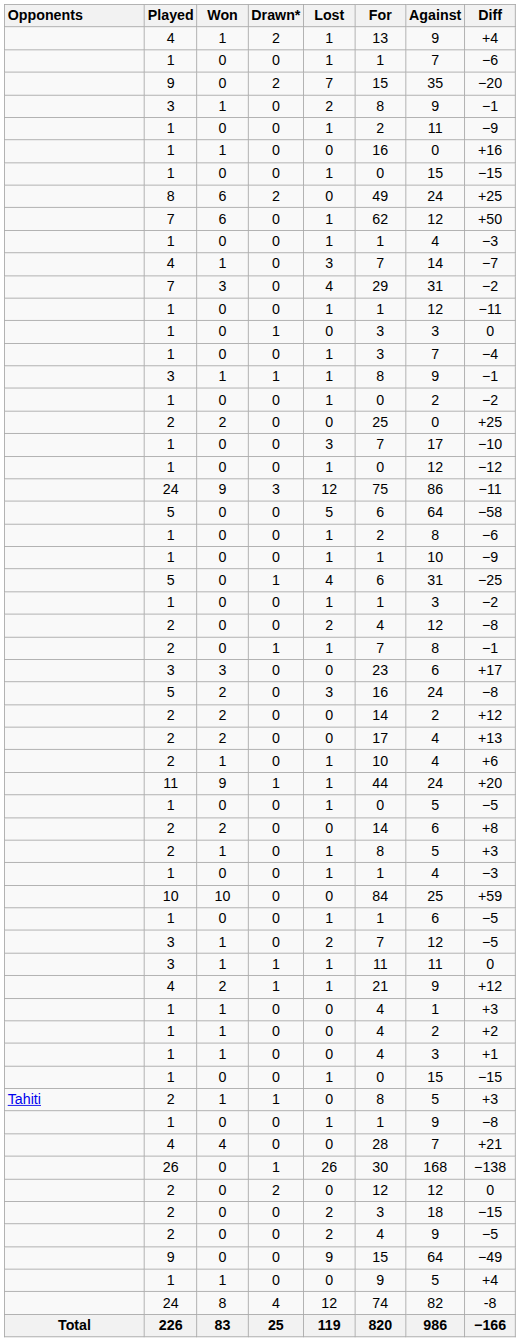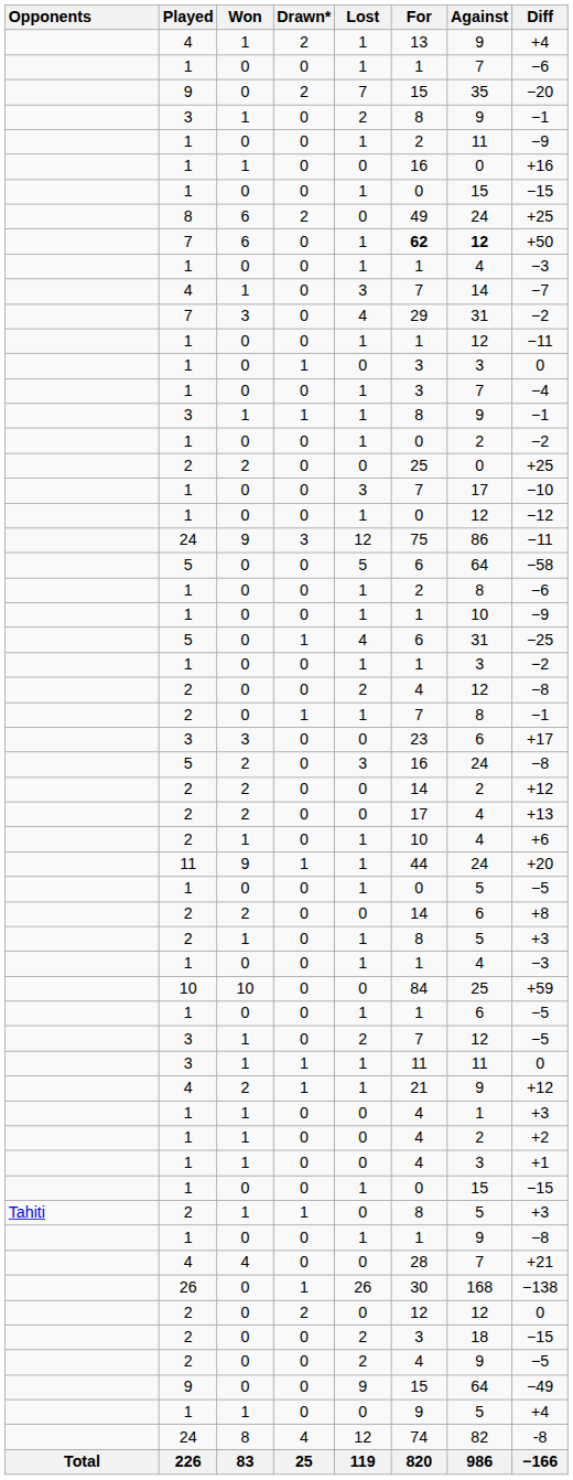 <table class="wikitable" style="text-align:center;">
 <tr>
 <th style="width:150px; text-align:left;">Opponents</th>
 <th style="width:50px;">Played</th>
 <th style="width:50px;">Won</th>
 <th style="width:50px;">Drawn*</th>
 <th style="width:50px;">Lost</th>
 <th style="width:50px;">For</th>
 <th style="width:50px;">Against</th>
 <th style="width:50px;">Diff</th>
 </tr>
 <tr>
 <td style="text-align:left;"></td>
 <td>4</td>
 <td>1</td>
 <td>2</td>
 <td>1</td>
 <td>13</td>
 <td>9</td>
 <td>+4</td>
 </tr>
 <tr>
 <td style="text-align:left;"></td>
 <td>1</td>
 <td>0</td>
 <td>0</td>
 <td>1</td>
 <td>1</td>
 <td>7</td>
 <td>−6</td>
 </tr>
 <tr>
 <td style="text-align:left;"></td>
 <td>9</td>
 <td>0</td>
 <td>2</td>
 <td>7</td>
 <td>15</td>
 <td>35</td>
 <td>−20</td>
 </tr>
 <tr>
 <td style="text-align:left;"></td>
 <td>3</td>
 <td>1</td>
 <td>0</td>
 <td>2</td>
 <td>8</td>
 <td>9</td>
 <td>−1</td>
 </tr>
 <tr>
 <td style="text-align:left;"></td>
 <td>1</td>
 <td>0</td>
 <td>0</td>
 <td>1</td>
 <td>2</td>
 <td>11</td>
 <td>−9</td>
 </tr>
 <tr>
 <td style="text-align:left;"></td>
 <td>1</td>
 <td>1</td>
 <td>0</td>
 <td>0</td>
 <td>16</td>
 <td>0</td>
 <td>+16</td>
 </tr>
 <tr>
 <td style="text-align:left;"></td>
 <td>1</td>
 <td>0</td>
 <td>0</td>
 <td>1</td>
 <td>0</td>
 <td>15</td>
 <td>−15</td>
 </tr>
 <tr>
 <td style="text-align:left;"></td>
 <td>8</td>
 <td>6</td>
 <td>2</td>
 <td>0</td>
 <td>49</td>
 <td>24</td>
 <td>+25</td>
 </tr>
 <tr>
 <td style="text-align:left;"></td>
 <td>7</td>
 <td>6</td>
 <td>0</td>
 <td>1</td>
-<td>62</td>
-<td>12</td>
+<td><strong>62</strong></td>
+<td><strong>12</strong></td>
 <td>+50</td>
 </tr>
 <tr>
 <td style="text-align:left;"></td>
 <td>1</td>
 <td>0</td>
 <td>0</td>
 <td>1</td>
 <td>1</td>
 <td>4</td>
 <td>−3</td>
 </tr>
 <tr>
 <td style="text-align:left;"></td>
 <td>4</td>
 <td>1</td>
 <td>0</td>
 <td>3</td>
 <td>7</td>
 <td>14</td>
 <td>−7</td>
 </tr>
 <tr>
 <td style="text-align:left;"></td>
 <td>7</td>
 <td>3</td>
 <td>0</td>
 <td>4</td>
 <td>29</td>
 <td>31</td>
 <td>−2</td>
 </tr>
 <tr>
 <td style="text-align:left;"></td>
 <td>1</td>
 <td>0</td>
 <td>0</td>
 <td>1</td>
 <td>1</td>
 <td>12</td>
 <td>−11</td>
 </tr>
 <tr>
 <td style="text-align:left;"></td>
 <td>1</td>
 <td>0</td>
 <td>1</td>
 <td>0</td>
 <td>3</td>
 <td>3</td>
 <td>0</td>
 </tr>
 <tr>
 <td style="text-align:left;"></td>
 <td>1</td>
 <td>0</td>
 <td>0</td>
 <td>1</td>
 <td>3</td>
 <td>7</td>
 <td>−4</td>
 </tr>
 <tr>
 <td style="text-align:left;"></td>
 <td>3</td>
 <td>1</td>
 <td>1</td>
 <td>1</td>
 <td>8</td>
 <td>9</td>
 <td>−1</td>
 </tr>
 <tr>
 <td style="text-align:left;"></td>
 <td>1</td>
 <td>0</td>
 <td>0</td>
 <td>1</td>
 <td>0</td>
 <td>2</td>
 <td>−2</td>
 </tr>
 <tr>
 <td style="text-align:left;"></td>
 <td>2</td>
 <td>2</td>
 <td>0</td>
 <td>0</td>
 <td>25</td>
 <td>0</td>
 <td>+25</td>
 </tr>
 <tr>
 <td style="text-align:left;"></td>
 <td>1</td>
 <td>0</td>
 <td>0</td>
 <td>3</td>
 <td>7</td>
 <td>17</td>
 <td>−10</td>
 </tr>
 <tr>
 <td style="text-align:left;"></td>
 <td>1</td>
 <td>0</td>
 <td>0</td>
 <td>1</td>
 <td>0</td>
 <td>12</td>
 <td>−12</td>
 </tr>
 <tr>
 <td style="text-align:left;"></td>
 <td>24</td>
 <td>9</td>
 <td>3</td>
 <td>12</td>
 <td>75</td>
 <td>86</td>
 <td>−11</td>
 </tr>
 <tr>
 <td style="text-align:left;"></td>
 <td>5</td>
 <td>0</td>
 <td>0</td>
 <td>5</td>
 <td>6</td>
 <td>64</td>
 <td>−58</td>
 </tr>
 <tr>
 <td style="text-align:left;"></td>
 <td>1</td>
 <td>0</td>
 <td>0</td>
 <td>1</td>
 <td>2</td>
 <td>8</td>
 <td>−6</td>
 </tr>
 <tr>
 <td style="text-align:left;"></td>
 <td>1</td>
 <td>0</td>
 <td>0</td>
 <td>1</td>
 <td>1</td>
 <td>10</td>
 <td>−9</td>
 </tr>
 <tr>
 <td style="text-align:left;"></td>
 <td>5</td>
 <td>0</td>
 <td>1</td>
 <td>4</td>
 <td>6</td>
 <td>31</td>
 <td>−25</td>
 </tr>
 <tr>
 <td style="text-align:left;"></td>
 <td>1</td>
 <td>0</td>
 <td>0</td>
 <td>1</td>
 <td>1</td>
 <td>3</td>
 <td>−2</td>
 </tr>
 <tr>
 <td style="text-align:left;"></td>
 <td>2</td>
 <td>0</td>
 <td>0</td>
 <td>2</td>
 <td>4</td>
 <td>12</td>
 <td>−8</td>
 </tr>
 <tr>
 <td style="text-align:left;"></td>
 <td>2</td>
 <td>0</td>
 <td>1</td>
 <td>1</td>
 <td>7</td>
 <td>8</td>
 <td>−1</td>
 </tr>
 <tr>
 <td style="text-align:left;"></td>
 <td>3</td>
 <td>3</td>
 <td>0</td>
 <td>0</td>
 <td>23</td>
 <td>6</td>
 <td>+17</td>
 </tr>
 <tr>
 <td style="text-align:left;"></td>
 <td>5</td>
 <td>2</td>
 <td>0</td>
 <td>3</td>
 <td>16</td>
 <td>24</td>
 <td>−8</td>
 </tr>
 <tr>
 <td style="text-align:left;"></td>
 <td>2</td>
 <td>2</td>
 <td>0</td>
 <td>0</td>
 <td>14</td>
 <td>2</td>
 <td>+12</td>
 </tr>
 <tr>
 <td style="text-align:left;"></td>
 <td>2</td>
 <td>2</td>
 <td>0</td>
 <td>0</td>
 <td>17</td>
 <td>4</td>
 <td>+13</td>
 </tr>
 <tr>
 <td style="text-align:left;"></td>
 <td>2</td>
 <td>1</td>
 <td>0</td>
 <td>1</td>
 <td>10</td>
 <td>4</td>
 <td>+6</td>
 </tr>
 <tr>
 <td style="text-align:left;"></td>
 <td>11</td>
 <td>9</td>
 <td>1</td>
 <td>1</td>
 <td>44</td>
 <td>24</td>
 <td>+20</td>
 </tr>
 <tr>
 <td style="text-align:left;"></td>
 <td>1</td>
 <td>0</td>
 <td>0</td>
 <td>1</td>
 <td>0</td>
 <td>5</td>
 <td>−5</td>
 </tr>
 <tr>
 <td style="text-align:left;"></td>
 <td>2</td>
 <td>2</td>
 <td>0</td>
 <td>0</td>
 <td>14</td>
 <td>6</td>
 <td>+8</td>
 </tr>
 <tr>
 <td style="text-align:left;"></td>
 <td>2</td>
 <td>1</td>
 <td>0</td>
 <td>1</td>
 <td>8</td>
 <td>5</td>
 <td>+3</td>
 </tr>
 <tr>
 <td style="text-align:left;"></td>
 <td>1</td>
 <td>0</td>
 <td>0</td>
 <td>1</td>
 <td>1</td>
 <td>4</td>
 <td>−3</td>
 </tr>
 <tr>
 <td style="text-align:left;"></td>
 <td>10</td>
 <td>10</td>
 <td>0</td>
 <td>0</td>
 <td>84</td>
 <td>25</td>
 <td>+59</td>
 </tr>
 <tr>
 <td style="text-align:left;"></td>
 <td>1</td>
 <td>0</td>
 <td>0</td>
 <td>1</td>
 <td>1</td>
 <td>6</td>
 <td>−5</td>
 </tr>
 <tr>
 <td style="text-align:left;"></td>
 <td>3</td>
 <td>1</td>
 <td>0</td>
 <td>2</td>
 <td>7</td>
 <td>12</td>
 <td>−5</td>
 </tr>
 <tr>
 <td style="text-align:left;"></td>
 <td>3</td>
 <td>1</td>
 <td>1</td>
 <td>1</td>
 <td>11</td>
 <td>11</td>
 <td>0</td>
 </tr>
 <tr>
 <td style="text-align:left;"></td>
 <td>4</td>
 <td>2</td>
 <td>1</td>
 <td>1</td>
 <td>21</td>
 <td>9</td>
 <td>+12</td>
 </tr>
 <tr>
 <td style="text-align:left;"></td>
 <td>1</td>
 <td>1</td>
 <td>0</td>
 <td>0</td>
 <td>4</td>
 <td>1</td>
 <td>+3</td>
 </tr>
 <tr>
 <td style="text-align:left;"></td>
 <td>1</td>
 <td>1</td>
 <td>0</td>
 <td>0</td>
 <td>4</td>
 <td>2</td>
 <td>+2</td>
 </tr>
 <tr>
 <td style="text-align:left;"></td>
 <td>1</td>
 <td>1</td>
 <td>0</td>
 <td>0</td>
 <td>4</td>
 <td>3</td>
 <td>+1</td>
 </tr>
 <tr>
 <td style="text-align:left;"></td>
 <td>1</td>
 <td>0</td>
 <td>0</td>
 <td>1</td>
 <td>0</td>
 <td>15</td>
 <td>−15</td>
 </tr>
 <tr>
 <td style="text-align:left;"> <a href='#'>Tahiti</a></td>
 <td>2</td>
 <td>1</td>
 <td>1</td>
 <td>0</td>
 <td>8</td>
 <td>5</td>
 <td>+3</td>
 </tr>
 <tr>
 <td style="text-align:left;"></td>
 <td>1</td>
 <td>0</td>
 <td>0</td>
 <td>1</td>
 <td>1</td>
 <td>9</td>
 <td>−8</td>
 </tr>
 <tr>
 <td style="text-align:left;"></td>
 <td>4</td>
 <td>4</td>
 <td>0</td>
 <td>0</td>
 <td>28</td>
 <td>7</td>
 <td>+21</td>
 </tr>
 <tr>
 <td style="text-align:left;"></td>
 <td>26</td>
 <td>0</td>
 <td>1</td>
 <td>26</td>
 <td>30</td>
 <td>168</td>
 <td>−138</td>
 </tr>
 <tr>
 <td style="text-align:left;"></td>
 <td>2</td>
 <td>0</td>
 <td>2</td>
 <td>0</td>
 <td>12</td>
 <td>12</td>
 <td>0</td>
 </tr>
 <tr>
 <td style="text-align:left;"></td>
 <td>2</td>
 <td>0</td>
 <td>0</td>
 <td>2</td>
 <td>3</td>
 <td>18</td>
 <td>−15</td>
 </tr>
 <tr>
 <td style="text-align:left;"></td>
 <td>2</td>
 <td>0</td>
 <td>0</td>
 <td>2</td>
 <td>4</td>
 <td>9</td>
 <td>−5</td>
 </tr>
 <tr>
 <td style="text-align:left;"></td>
 <td>9</td>
 <td>0</td>
 <td>0</td>
 <td>9</td>
 <td>15</td>
 <td>64</td>
 <td>−49</td>
 </tr>
 <tr>
 <td style="text-align:left;"></td>
 <td>1</td>
 <td>1</td>
 <td>0</td>
 <td>0</td>
 <td>9</td>
 <td>5</td>
 <td>+4</td>
 </tr>
 <tr>
 <td style="text-align:left;"></td>
 <td>24</td>
 <td>8</td>
 <td>4</td>
 <td>12</td>
 <td>74</td>
 <td>82</td>
 <td>-8</td>
 </tr>
 <tr class="sortbottom">
 <th>Total</th>
 <th>226</th>
 <th>83</th>
 <th>25</th>
 <th>119</th>
 <th>820</th>
 <th>986</th>
 <th>−166</th>
 </tr>
 </table>
